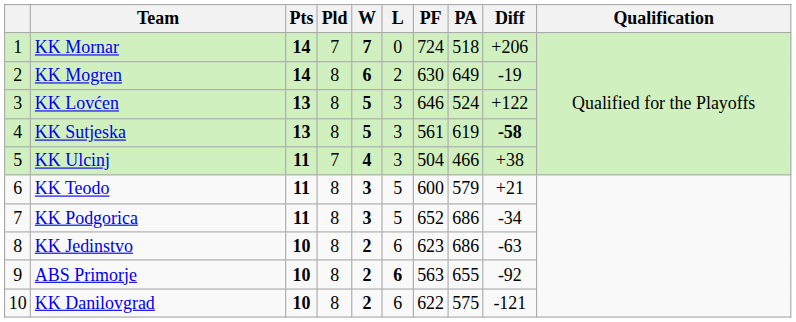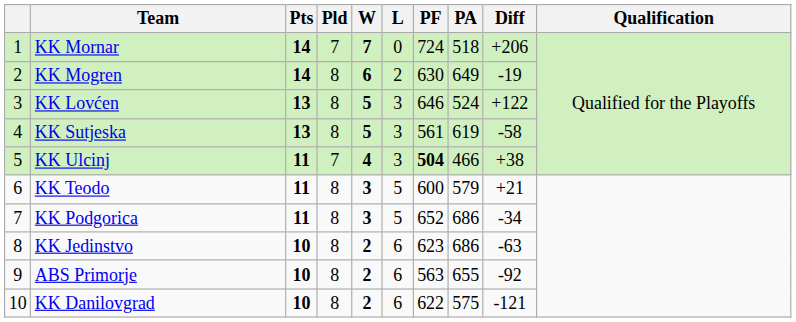 <table class="wikitable" style="text-align: center;">
 <tr>
 <th width=15></th>
 <th width=220>Team</th>
 <th width=20>Pts</th>
 <th width=20>Pld</th>
 <th width=20>W</th>
 <th width=20>L</th>
 <th width=20>PF</th>
 <th width=20>PA</th>
 <th width=40>Diff</th>
 <th width=220>Qualification</th>
 </tr>
 <tr bgcolor=D0F0C0>
 <td>1</td>
 <td align="left"><a href='#'>KK Mornar</a></td>
 <td><strong>14</strong></td>
 <td>7</td>
 <td><strong>7</strong></td>
 <td>0</td>
 <td>724</td>
 <td>518</td>
 <td>+206</td>
 <td rowspan=5 align="center">Qualified for the Playoffs</td>
 </tr>
 <tr bgcolor=D0F0C0>
 <td>2</td>
 <td align="left"><a href='#'>KK Mogren</a></td>
 <td><strong>14</strong></td>
 <td>8</td>
 <td><strong>6</strong></td>
 <td>2</td>
 <td>630</td>
 <td>649</td>
 <td>-19</td>
 </tr>
 <tr bgcolor=D0F0C0>
 <td>3</td>
 <td align="left"><a href='#'>KK Lovćen</a></td>
 <td><strong>13</strong></td>
 <td>8</td>
 <td><strong>5</strong></td>
 <td>3</td>
 <td>646</td>
 <td>524</td>
 <td>+122</td>
 </tr>
 <tr bgcolor=D0F0C0>
 <td>4</td>
 <td align="left"><a href='#'>KK Sutjeska</a></td>
 <td><strong>13</strong></td>
 <td>8</td>
 <td><strong>5</strong></td>
 <td>3</td>
 <td>561</td>
 <td>619</td>
-<td><strong>-58</strong></td>
+<td>-58</td>
 </tr>
 <tr bgcolor=D0F0C0>
 <td>5</td>
 <td align="left"><a href='#'>KK Ulcinj</a></td>
 <td><strong>11</strong></td>
 <td>7</td>
 <td><strong>4</strong></td>
 <td>3</td>
-<td>504</td>
+<td><strong>504</strong></td>
 <td>466</td>
 <td>+38</td>
 </tr>
 <tr bgcolor=>
 <td>6</td>
 <td align="left"><a href='#'>KK Teodo</a></td>
 <td><strong>11</strong></td>
 <td>8</td>
 <td><strong>3</strong></td>
 <td>5</td>
 <td>600</td>
 <td>579</td>
 <td>+21</td>
 </tr>
 <tr bgcolor=>
 <td>7</td>
 <td align="left"><a href='#'>KK Podgorica</a></td>
 <td><strong>11</strong></td>
 <td>8</td>
 <td><strong>3</strong></td>
 <td>5</td>
 <td>652</td>
 <td>686</td>
 <td>-34</td>
 </tr>
 <tr bgcolor=>
 <td>8</td>
 <td align="left"><a href='#'>KK Jedinstvo</a></td>
 <td><strong>10</strong></td>
 <td>8</td>
 <td><strong>2</strong></td>
 <td>6</td>
 <td>623</td>
 <td>686</td>
 <td>-63</td>
 </tr>
 <tr bgcolor=>
 <td>9</td>
 <td align="left"><a href='#'>ABS Primorje</a></td>
 <td><strong>10</strong></td>
 <td>8</td>
 <td><strong>2</strong></td>
-<td><strong>6</strong></td>
+<td>6</td>
 <td>563</td>
 <td>655</td>
 <td>-92</td>
 </tr>
 <tr bgcolor=>
 <td>10</td>
 <td align="left"><a href='#'>KK Danilovgrad</a></td>
 <td><strong>10</strong></td>
 <td>8</td>
 <td><strong>2</strong></td>
 <td>6</td>
 <td>622</td>
 <td>575</td>
 <td>-121</td>
 </tr>
 </table>
